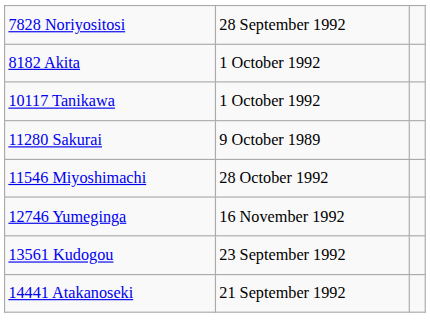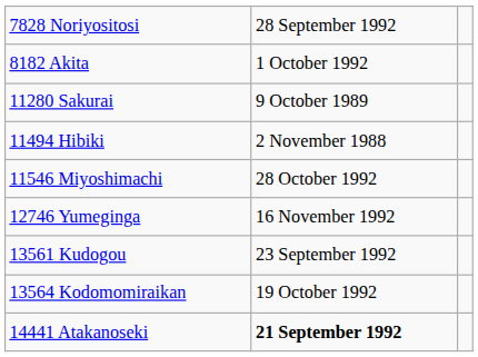 <table class="wikitable" style="font-size: 89%; float: left; width: 26em; margin-right: 1em; line-height: 1.65em !important; height: 270px;">
 <tr>
 <td><a href='#'>7828 Noriyositosi</a></td>
 <td>28 September 1992</td>
 <td> </td>
 </tr>
 <tr>
 <td><a href='#'>8182 Akita</a></td>
 <td>1 October 1992</td>
 <td> </td>
 </tr>
 <tr>
-<td><a href='#'>10117 Tanikawa</a></td>
-<td>1 October 1992</td>
+<td><a href='#'>11280 Sakurai</a></td>
+<td>9 October 1989</td>
 <td> </td>
 </tr>
 <tr>
-<td><a href='#'>11280 Sakurai</a></td>
-<td>9 October 1989</td>
+<td><a href='#'>11494 Hibiki</a></td>
+<td>2 November 1988</td>
 <td> </td>
 </tr>
 <tr>
 <td><a href='#'>11546 Miyoshimachi</a></td>
 <td>28 October 1992</td>
 <td> </td>
 </tr>
 <tr>
 <td><a href='#'>12746 Yumeginga</a></td>
 <td>16 November 1992</td>
 <td> </td>
 </tr>
 <tr>
 <td><a href='#'>13561 Kudogou</a></td>
 <td>23 September 1992</td>
 <td> </td>
 </tr>
 <tr>
+<td><a href='#'>13564 Kodomomiraikan</a></td>
+<td>19 October 1992</td>
+<td> </td>
+</tr>
+<tr>
 <td><a href='#'>14441 Atakanoseki</a></td>
-<td>21 September 1992</td>
+<td><strong>21 September 1992</strong></td>
 <td> </td>
 </tr>
 </table>
